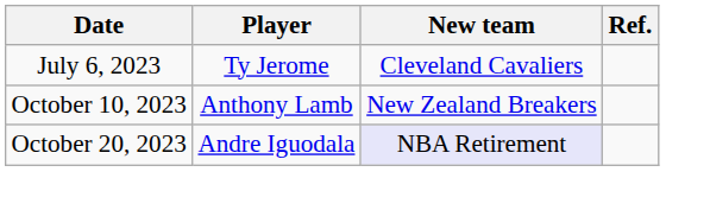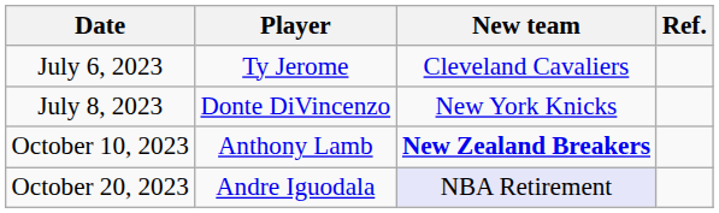 <table class="wikitable sortable sortable" style="text-align: center">
 <tr>
 <th>Date</th>
 <th>Player</th>
 <th>New team</th>
 <th>Ref.</th>
 </tr>
 <tr>
 <td>July 6, 2023</td>
 <td><a href='#'>Ty Jerome</a></td>
 <td><a href='#'>Cleveland Cavaliers</a></td>
 <td></td>
 </tr>
 <tr>
+<td>July 8, 2023</td>
+<td><a href='#'>Donte DiVincenzo</a></td>
+<td><a href='#'>New York Knicks</a></td>
+<td></td>
+</tr>
+<tr>
 <td>October 10, 2023</td>
 <td><a href='#'>Anthony Lamb</a></td>
-<td> <a href='#'>New Zealand Breakers</a></td>
+<td><strong> <a href='#'>New Zealand Breakers</a></strong></td>
 <td></td>
 </tr>
 <tr>
 <td>October 20, 2023</td>
 <td><a href='#'>Andre Iguodala</a></td>
 <td style="background: lavender;">NBA Retirement</td>
 <td></td>
 </tr>
 </table>
